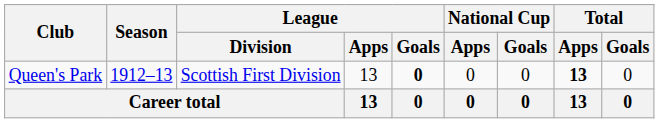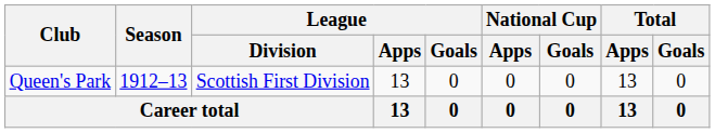 <table class="wikitable" style="text-align: center;">
 <tr>
 <th rowspan="2">Club</th>
 <th rowspan="2">Season</th>
 <th colspan="3">League</th>
 <th colspan="2">National Cup</th>
 <th colspan="2">Total</th>
 </tr>
 <tr>
 <th>Division</th>
 <th>Apps</th>
 <th>Goals</th>
 <th>Apps</th>
 <th>Goals</th>
 <th>Apps</th>
 <th>Goals</th>
 </tr>
 <tr>
 <td><a href='#'>Queen's Park</a></td>
 <td><a href='#'>1912–13</a></td>
 <td><a href='#'>Scottish First Division</a></td>
 <td>13</td>
-<td><strong>0</strong></td>
 <td>0</td>
 <td>0</td>
-<td><strong>13</strong></td>
+<td>0</td>
+<td>13</td>
 <td>0</td>
 </tr>
 <tr>
 <th colspan="3">Career total</th>
 <th>13</th>
 <th>0</th>
 <th>0</th>
 <th>0</th>
 <th>13</th>
 <th>0</th>
 </tr>
 </table>
